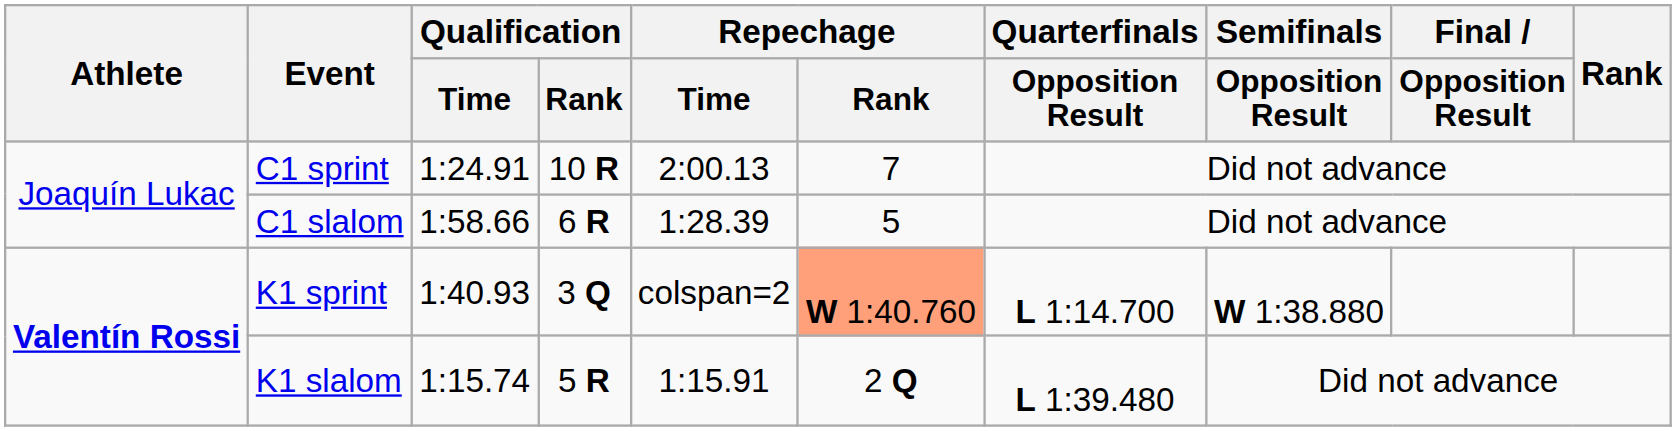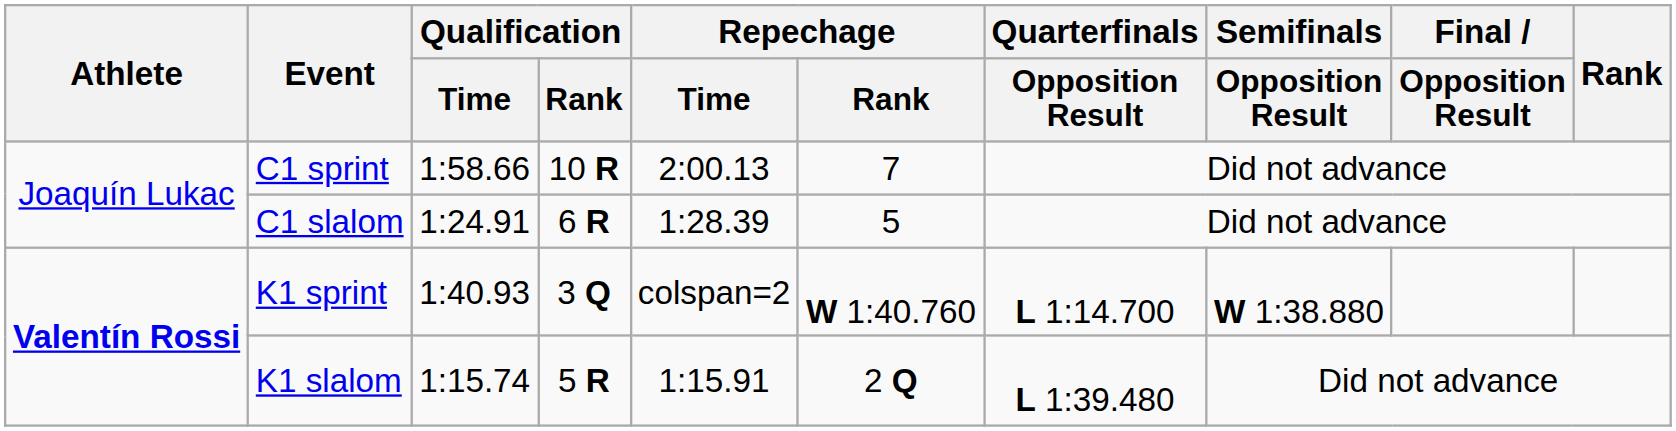 <table class="wikitable" style="font-size:90%">
 <tr>
 <th rowspan=2>Athlete</th>
 <th rowspan=2>Event</th>
 <th colspan=2>Qualification</th>
 <th colspan=2>Repechage</th>
 <th>Quarterfinals</th>
 <th>Semifinals</th>
 <th>Final / </th>
 <th rowspan=2>Rank</th>
 </tr>
 <tr style="font-size:95%">
 <th>Time</th>
 <th>Rank</th>
 <th>Time</th>
 <th>Rank</th>
 <th>Opposition <br>Result</th>
 <th>Opposition <br>Result</th>
 <th>Opposition <br>Result</th>
 </tr>
 <tr align=center>
 <td rowspan=2><a href='#'>Joaquín Lukac</a></td>
 <td align="left"><a href='#'>C1 sprint</a></td>
-<td>1:24.91</td>
+<td>1:58.66</td>
 <td>10 <strong>R</strong></td>
 <td>2:00.13</td>
 <td>7</td>
 <td colspan=4>Did not advance</td>
 </tr>
 <tr align=center>
 <td align="left"><a href='#'>C1 slalom</a></td>
-<td>1:58.66</td>
+<td>1:24.91</td>
 <td>6 <strong>R</strong></td>
 <td>1:28.39</td>
 <td>5</td>
 <td colspan=4>Did not advance</td>
 </tr>
 <tr align=center>
 <td align="left" rowspan=2><strong><a href='#'>Valentín Rossi</a></strong></td>
 <td align="left"><a href='#'>K1 sprint</a></td>
 <td>1:40.93</td>
 <td>3 <strong>Q</strong></td>
 <td>colspan=2 </td>
-<td style="background: lightsalmon;"><br><strong>W</strong> 1:40.760</td>
+<td><br><strong>W</strong> 1:40.760</td>
 <td><br><strong>L</strong> 1:14.700</td>
 <td><br><strong>W</strong> 1:38.880</td>
 <td></td>
 </tr>
 <tr align=center>
 <td align="left"><a href='#'>K1 slalom</a></td>
 <td>1:15.74</td>
 <td>5 <strong>R</strong></td>
 <td>1:15.91</td>
 <td>2 <strong>Q</strong></td>
 <td><br><strong>L</strong> 1:39.480</td>
 <td colspan=3>Did not advance</td>
 </tr>
 </table>
